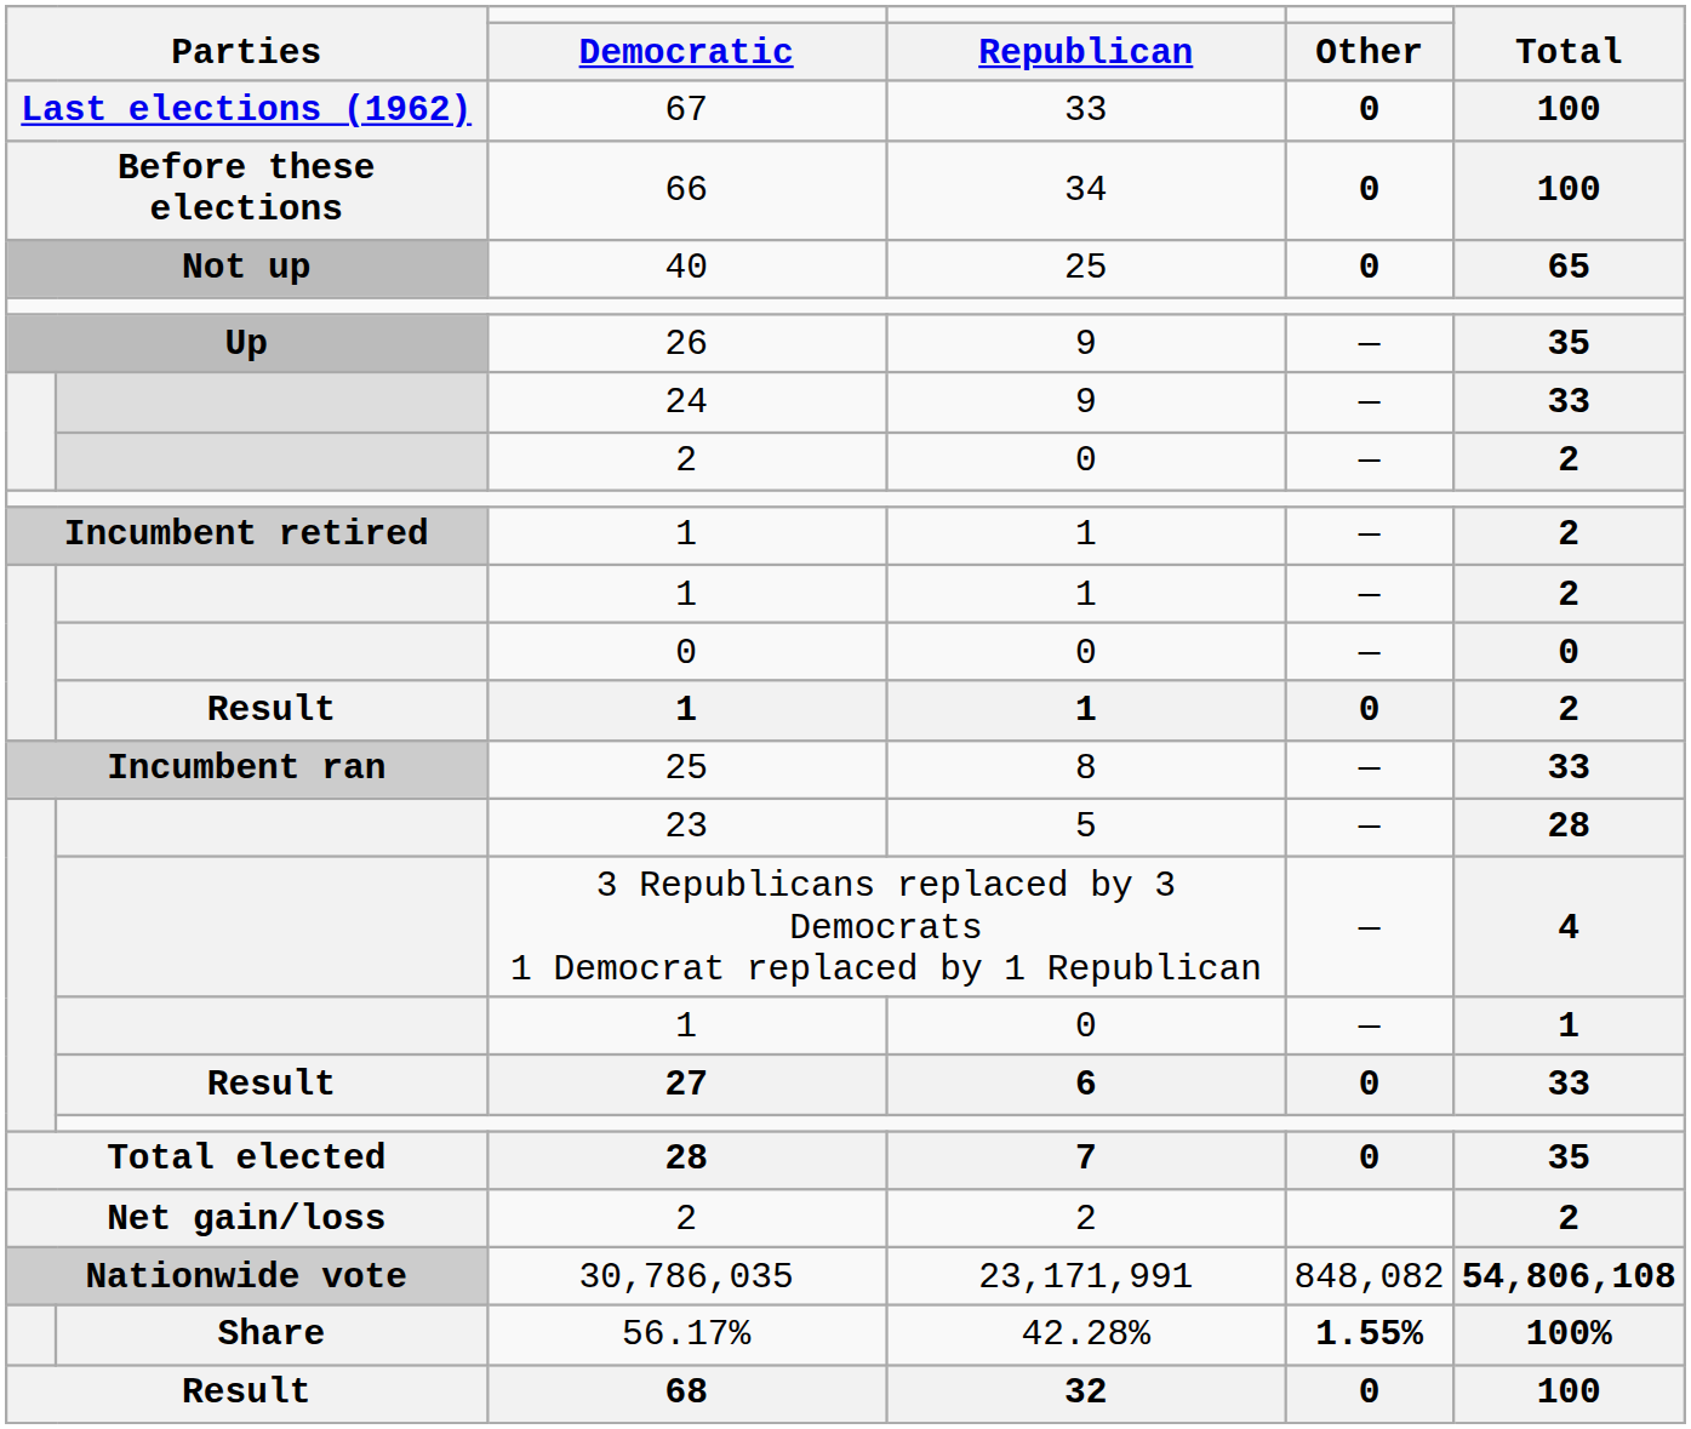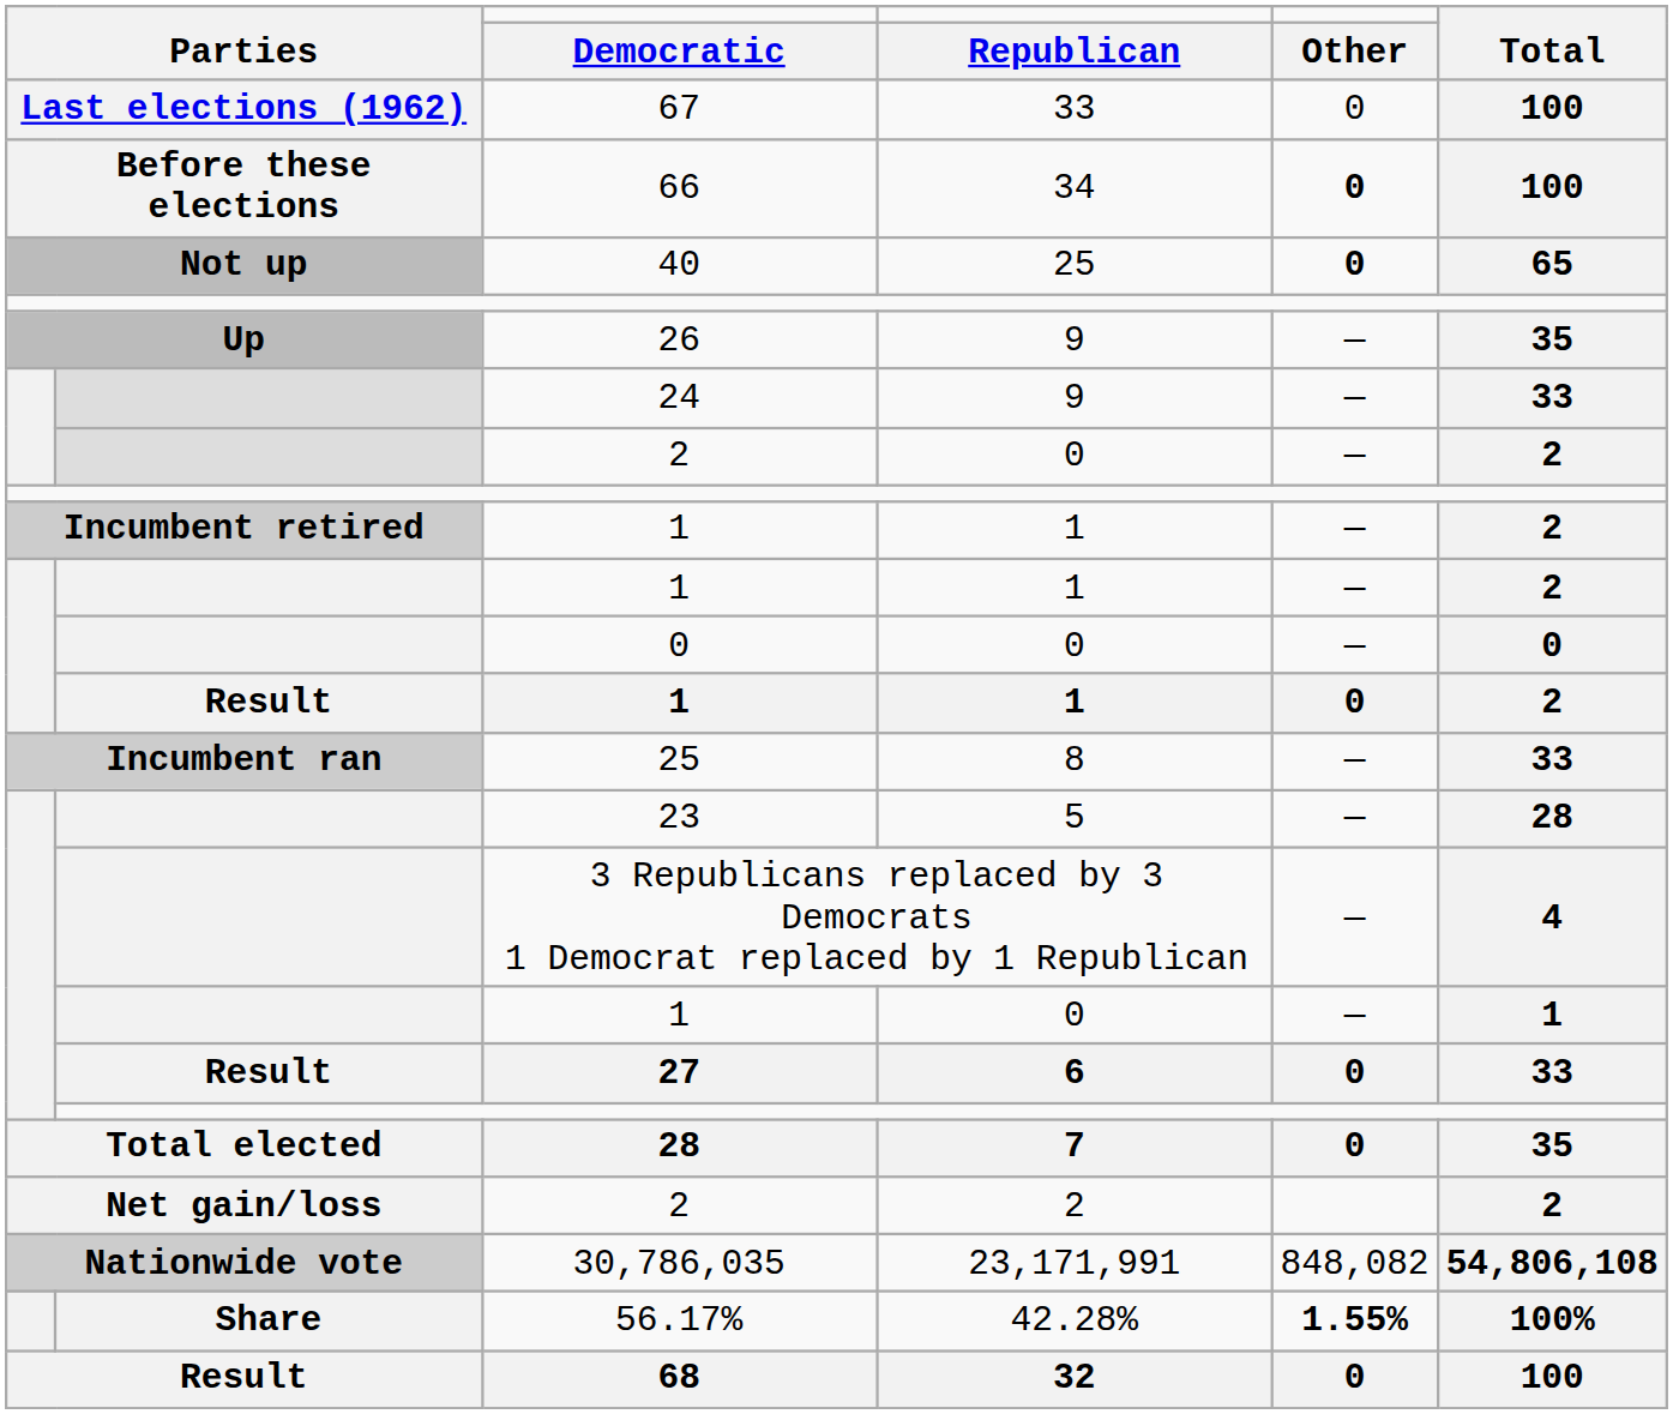 <table class=wikitable style=text-align:center>
 <tr valign=bottom>
 <th rowspan=2 colspan=2>Parties</th>
 <td style="background-color:"></td>
 <td style="background-color:"></td>
 <td style="background-color:"></td>
 <th rowspan=2>Total</th>
 </tr>
 <tr valign=bottom>
 <th><a href='#'>Democratic</a></th>
 <th><a href='#'>Republican</a></th>
 <th>Other</th>
 </tr>
 <tr>
 <th colspan=2><a href='#'>Last elections (1962)</a></th>
 <td>67</td>
 <td>33</td>
-<td><strong>0</strong></td>
+<td>0</td>
 <th>100</th>
 </tr>
 <tr>
 <th colspan=2>Before these elections</th>
 <td>66</td>
 <td>34</td>
 <td><strong>0</strong></td>
 <th>100</th>
 </tr>
 <tr>
 <th colspan=2 style="background:#bbb">Not up</th>
 <td>40</td>
 <td>25</td>
 <td><strong>0</strong></td>
 <th>65</th>
 </tr>
 <tr>
 <td colspan=100></td>
 </tr>
 <tr>
 <th colspan=2 style="background:#bbb">Up</th>
 <td>26</td>
 <td>9</td>
 <td>—</td>
 <th>35</th>
 </tr>
 <tr>
 <th rowspan=2></th>
 <td style="background:#ddd"></td>
 <td>24</td>
 <td>9</td>
 <td>—</td>
 <th>33</th>
 </tr>
 <tr>
 <td style="background:#ddd"></td>
 <td>2</td>
 <td>0</td>
 <td>—</td>
 <th>2</th>
 </tr>
 <tr>
 <td colspan=100></td>
 </tr>
 <tr>
 <th colspan=2 style="background:#ccc">Incumbent retired</th>
 <td>1</td>
 <td>1</td>
 <td>—</td>
 <th>2</th>
 </tr>
 <tr>
 <th rowspan=3></th>
 <th></th>
 <td>1</td>
 <td>1</td>
 <td>—</td>
 <th>2</th>
 </tr>
 <tr>
 <th></th>
 <td>0</td>
 <td>0</td>
 <td>—</td>
 <th>0</th>
 </tr>
 <tr>
 <th>Result</th>
 <th>1</th>
 <th>1</th>
 <th>0</th>
 <th>2</th>
 </tr>
 <tr>
 <th colspan=2 style="background:#ccc">Incumbent ran</th>
 <td>25</td>
 <td>8</td>
 <td>—</td>
 <th>33</th>
 </tr>
 <tr>
 <th rowspan=5></th>
 <th></th>
 <td>23</td>
 <td>5</td>
 <td>—</td>
 <th>28</th>
 </tr>
 <tr>
 <th></th>
 <td colspan=2 >3 Republicans replaced by 3 Democrats<br>1 Democrat replaced by 1 Republican</td>
 <td>—</td>
 <th>4</th>
 </tr>
 <tr>
 <th></th>
 <td>1</td>
 <td>0</td>
 <td>—</td>
 <th>1</th>
 </tr>
 <tr>
 <th>Result</th>
 <th>27</th>
 <th>6</th>
 <th>0</th>
 <th>33</th>
 </tr>
 <tr>
 <td colspan=100></td>
 </tr>
 <tr>
 <th colspan=2>Total elected</th>
 <th>28</th>
 <th>7</th>
 <th>0</th>
 <th>35</th>
 </tr>
 <tr>
 <th colspan=2>Net gain/loss</th>
 <td>2</td>
 <td>2</td>
 <td></td>
 <th>2</th>
 </tr>
 <tr>
 <th colspan=2 style="background:#ccc">Nationwide vote</th>
 <td>30,786,035</td>
 <td>23,171,991</td>
 <td>848,082</td>
 <th>54,806,108</th>
 </tr>
 <tr>
 <th></th>
 <th>Share</th>
 <td>56.17%</td>
 <td>42.28%</td>
 <td><strong>1.55%</strong></td>
 <th>100%</th>
 </tr>
 <tr>
 <th colspan=2>Result</th>
 <th>68</th>
 <th>32</th>
 <th>0</th>
 <th>100</th>
 </tr>
 </table>
